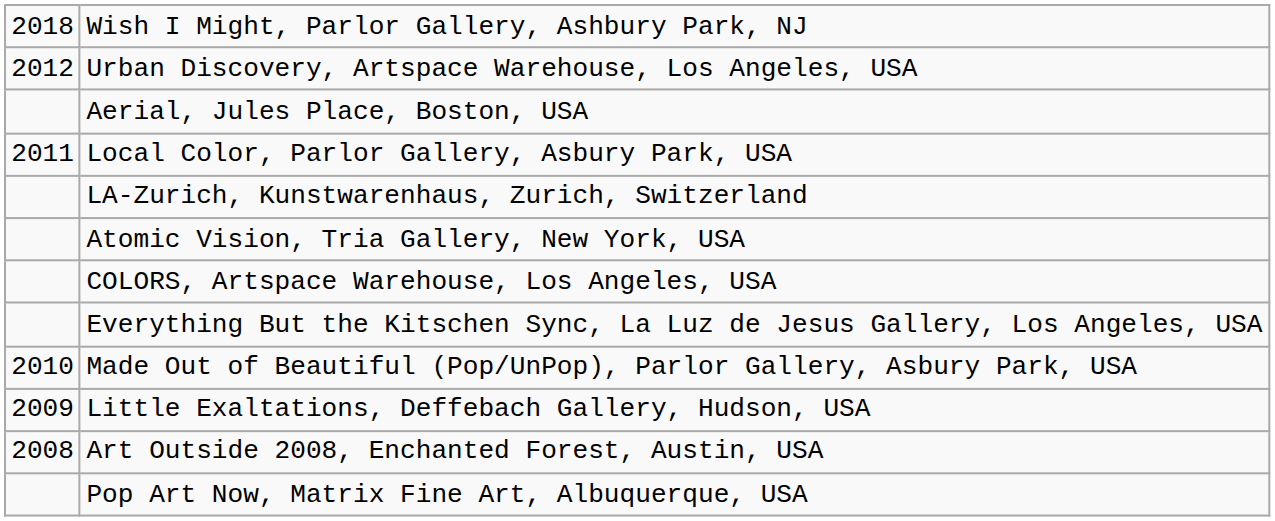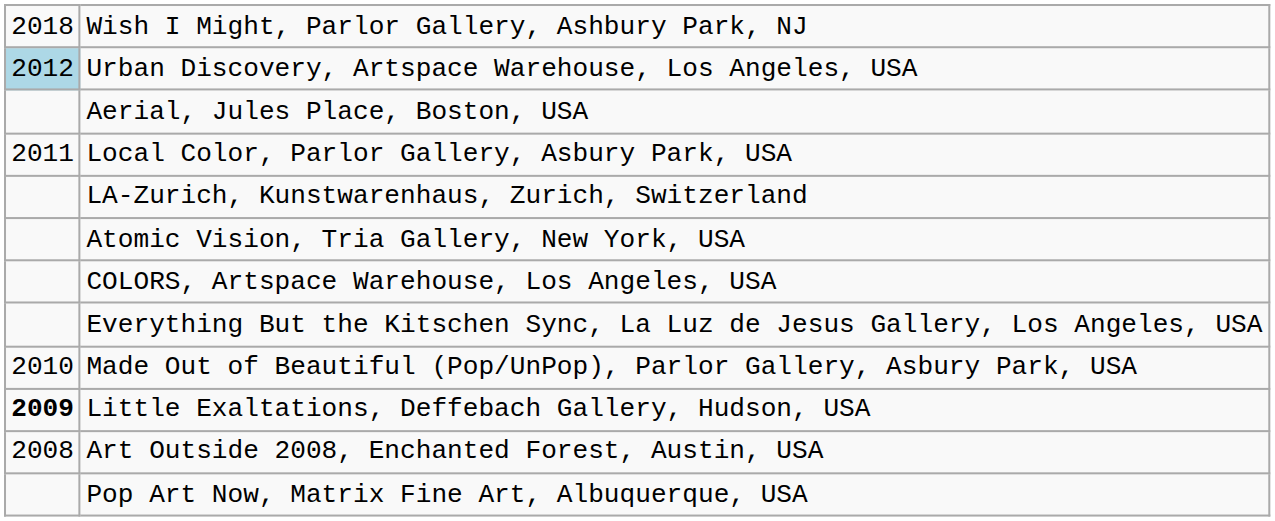 <table class="wikitable">
 <tr>
 <td>2018</td>
 <td>Wish I Might, Parlor Gallery, Ashbury Park, NJ</td>
 </tr>
 <tr>
-<td>2012</td>
+<td style="background: lightblue;">2012</td>
 <td>Urban Discovery, Artspace Warehouse, Los Angeles, USA</td>
 </tr>
 <tr>
 <td></td>
 <td>Aerial, Jules Place, Boston, USA</td>
 </tr>
 <tr>
 <td>2011</td>
 <td>Local Color, Parlor Gallery, Asbury Park, USA</td>
 </tr>
 <tr>
 <td></td>
 <td>LA-Zurich, Kunstwarenhaus, Zurich, Switzerland</td>
 </tr>
 <tr>
 <td></td>
 <td>Atomic Vision, Tria Gallery, New York, USA</td>
 </tr>
 <tr>
 <td></td>
 <td>COLORS, Artspace Warehouse, Los Angeles, USA</td>
 </tr>
 <tr>
 <td></td>
 <td>Everything But the Kitschen Sync, La Luz de Jesus Gallery, Los Angeles, USA</td>
 </tr>
 <tr>
 <td>2010</td>
 <td>Made Out of Beautiful (Pop/UnPop), Parlor Gallery, Asbury Park, USA</td>
 </tr>
 <tr>
-<td>2009</td>
+<td><strong>2009</strong></td>
 <td>Little Exaltations, Deffebach Gallery, Hudson, USA</td>
 </tr>
 <tr>
 <td>2008</td>
 <td>Art Outside 2008, Enchanted Forest, Austin, USA</td>
 </tr>
 <tr>
 <td rowspan="1"></td>
 <td rowspan="1">Pop Art Now, Matrix Fine Art, Albuquerque, USA</td>
 </tr>
 </table>
